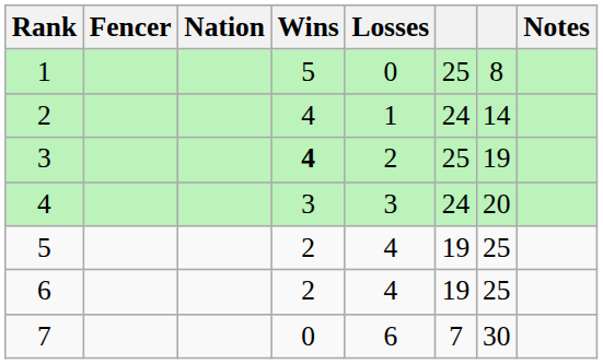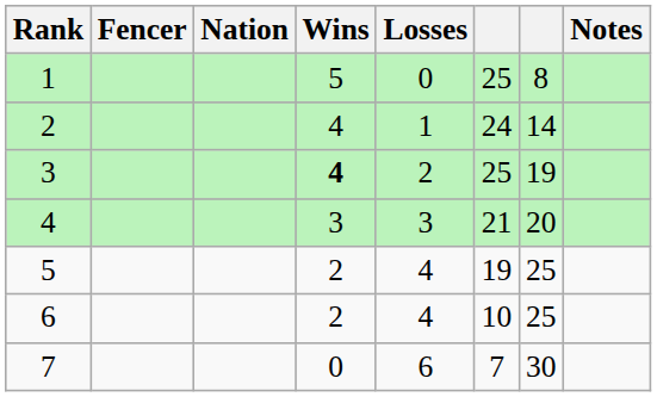 <table class="wikitable sortable" style="text-align:center">
 <tr>
 <th>Rank</th>
 <th>Fencer</th>
 <th>Nation</th>
 <th>Wins</th>
 <th>Losses</th>
 <th></th>
 <th></th>
 <th>Notes</th>
 </tr>
 <tr style="background:#bbf3bb;">
 <td>1</td>
 <td align=left></td>
 <td align=left></td>
 <td>5</td>
 <td>0</td>
 <td>25</td>
 <td>8</td>
 <td></td>
 </tr>
 <tr style="background:#bbf3bb;">
 <td>2</td>
 <td align=left></td>
 <td align=left></td>
 <td>4</td>
 <td>1</td>
 <td>24</td>
 <td>14</td>
 <td></td>
 </tr>
 <tr style="background:#bbf3bb;">
 <td>3</td>
 <td align=left></td>
 <td align=left></td>
 <td><strong>4</strong></td>
 <td>2</td>
 <td>25</td>
 <td>19</td>
 <td></td>
 </tr>
 <tr style="background:#bbf3bb;">
 <td>4</td>
 <td align=left></td>
 <td align=left></td>
 <td>3</td>
 <td>3</td>
-<td>24</td>
+<td>21</td>
 <td>20</td>
 <td></td>
 </tr>
 <tr>
 <td>5</td>
 <td align=left></td>
 <td align=left></td>
 <td>2</td>
 <td>4</td>
 <td>19</td>
 <td>25</td>
 <td></td>
 </tr>
 <tr>
 <td>6</td>
 <td align=left></td>
 <td align=left></td>
 <td>2</td>
 <td>4</td>
-<td>19</td>
+<td>10</td>
 <td>25</td>
 <td></td>
 </tr>
 <tr>
 <td>7</td>
 <td align=left></td>
 <td align=left></td>
 <td>0</td>
 <td>6</td>
 <td>7</td>
 <td>30</td>
 <td></td>
 </tr>
 </table>
